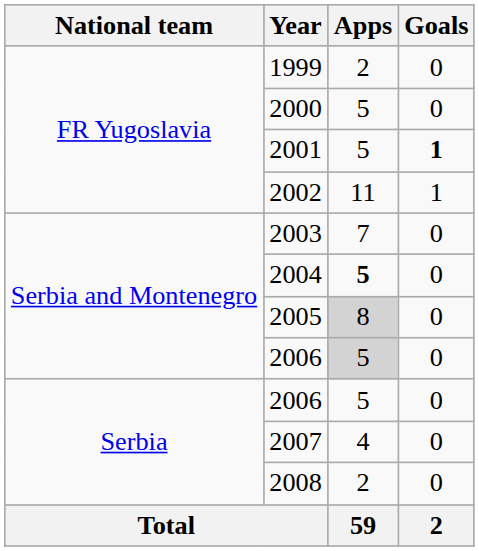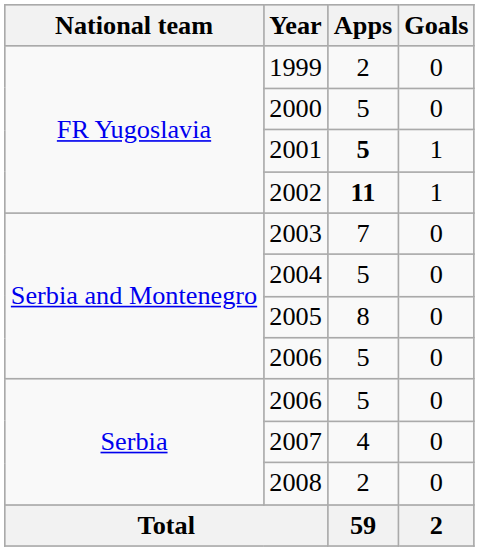 <table class="wikitable" style="text-align:center">
 <tr>
 <th>National team</th>
 <th>Year</th>
 <th>Apps</th>
 <th>Goals</th>
 </tr>
 <tr>
 <td rowspan="4"><a href='#'>FR Yugoslavia</a></td>
 <td>1999</td>
 <td>2</td>
 <td>0</td>
 </tr>
 <tr>
 <td>2000</td>
 <td>5</td>
 <td>0</td>
 </tr>
 <tr>
 <td>2001</td>
-<td>5</td>
-<td><strong>1</strong></td>
+<td><strong>5</strong></td>
+<td>1</td>
 </tr>
 <tr>
 <td>2002</td>
-<td>11</td>
+<td><strong>11</strong></td>
 <td>1</td>
 </tr>
 <tr>
 <td rowspan="4"><a href='#'>Serbia and Montenegro</a></td>
 <td>2003</td>
 <td>7</td>
 <td>0</td>
 </tr>
 <tr>
 <td>2004</td>
-<td><strong>5</strong></td>
+<td>5</td>
 <td>0</td>
 </tr>
 <tr>
 <td>2005</td>
-<td style="background: lightgrey;">8</td>
+<td>8</td>
 <td>0</td>
 </tr>
 <tr>
 <td>2006</td>
-<td style="background: lightgrey;">5</td>
+<td>5</td>
 <td>0</td>
 </tr>
 <tr>
 <td rowspan="3"><a href='#'>Serbia</a></td>
 <td>2006</td>
 <td>5</td>
 <td>0</td>
 </tr>
 <tr>
 <td>2007</td>
 <td>4</td>
 <td>0</td>
 </tr>
 <tr>
 <td>2008</td>
 <td>2</td>
 <td>0</td>
 </tr>
 <tr>
 <th colspan="2">Total</th>
 <th>59</th>
 <th>2</th>
 </tr>
 </table>
